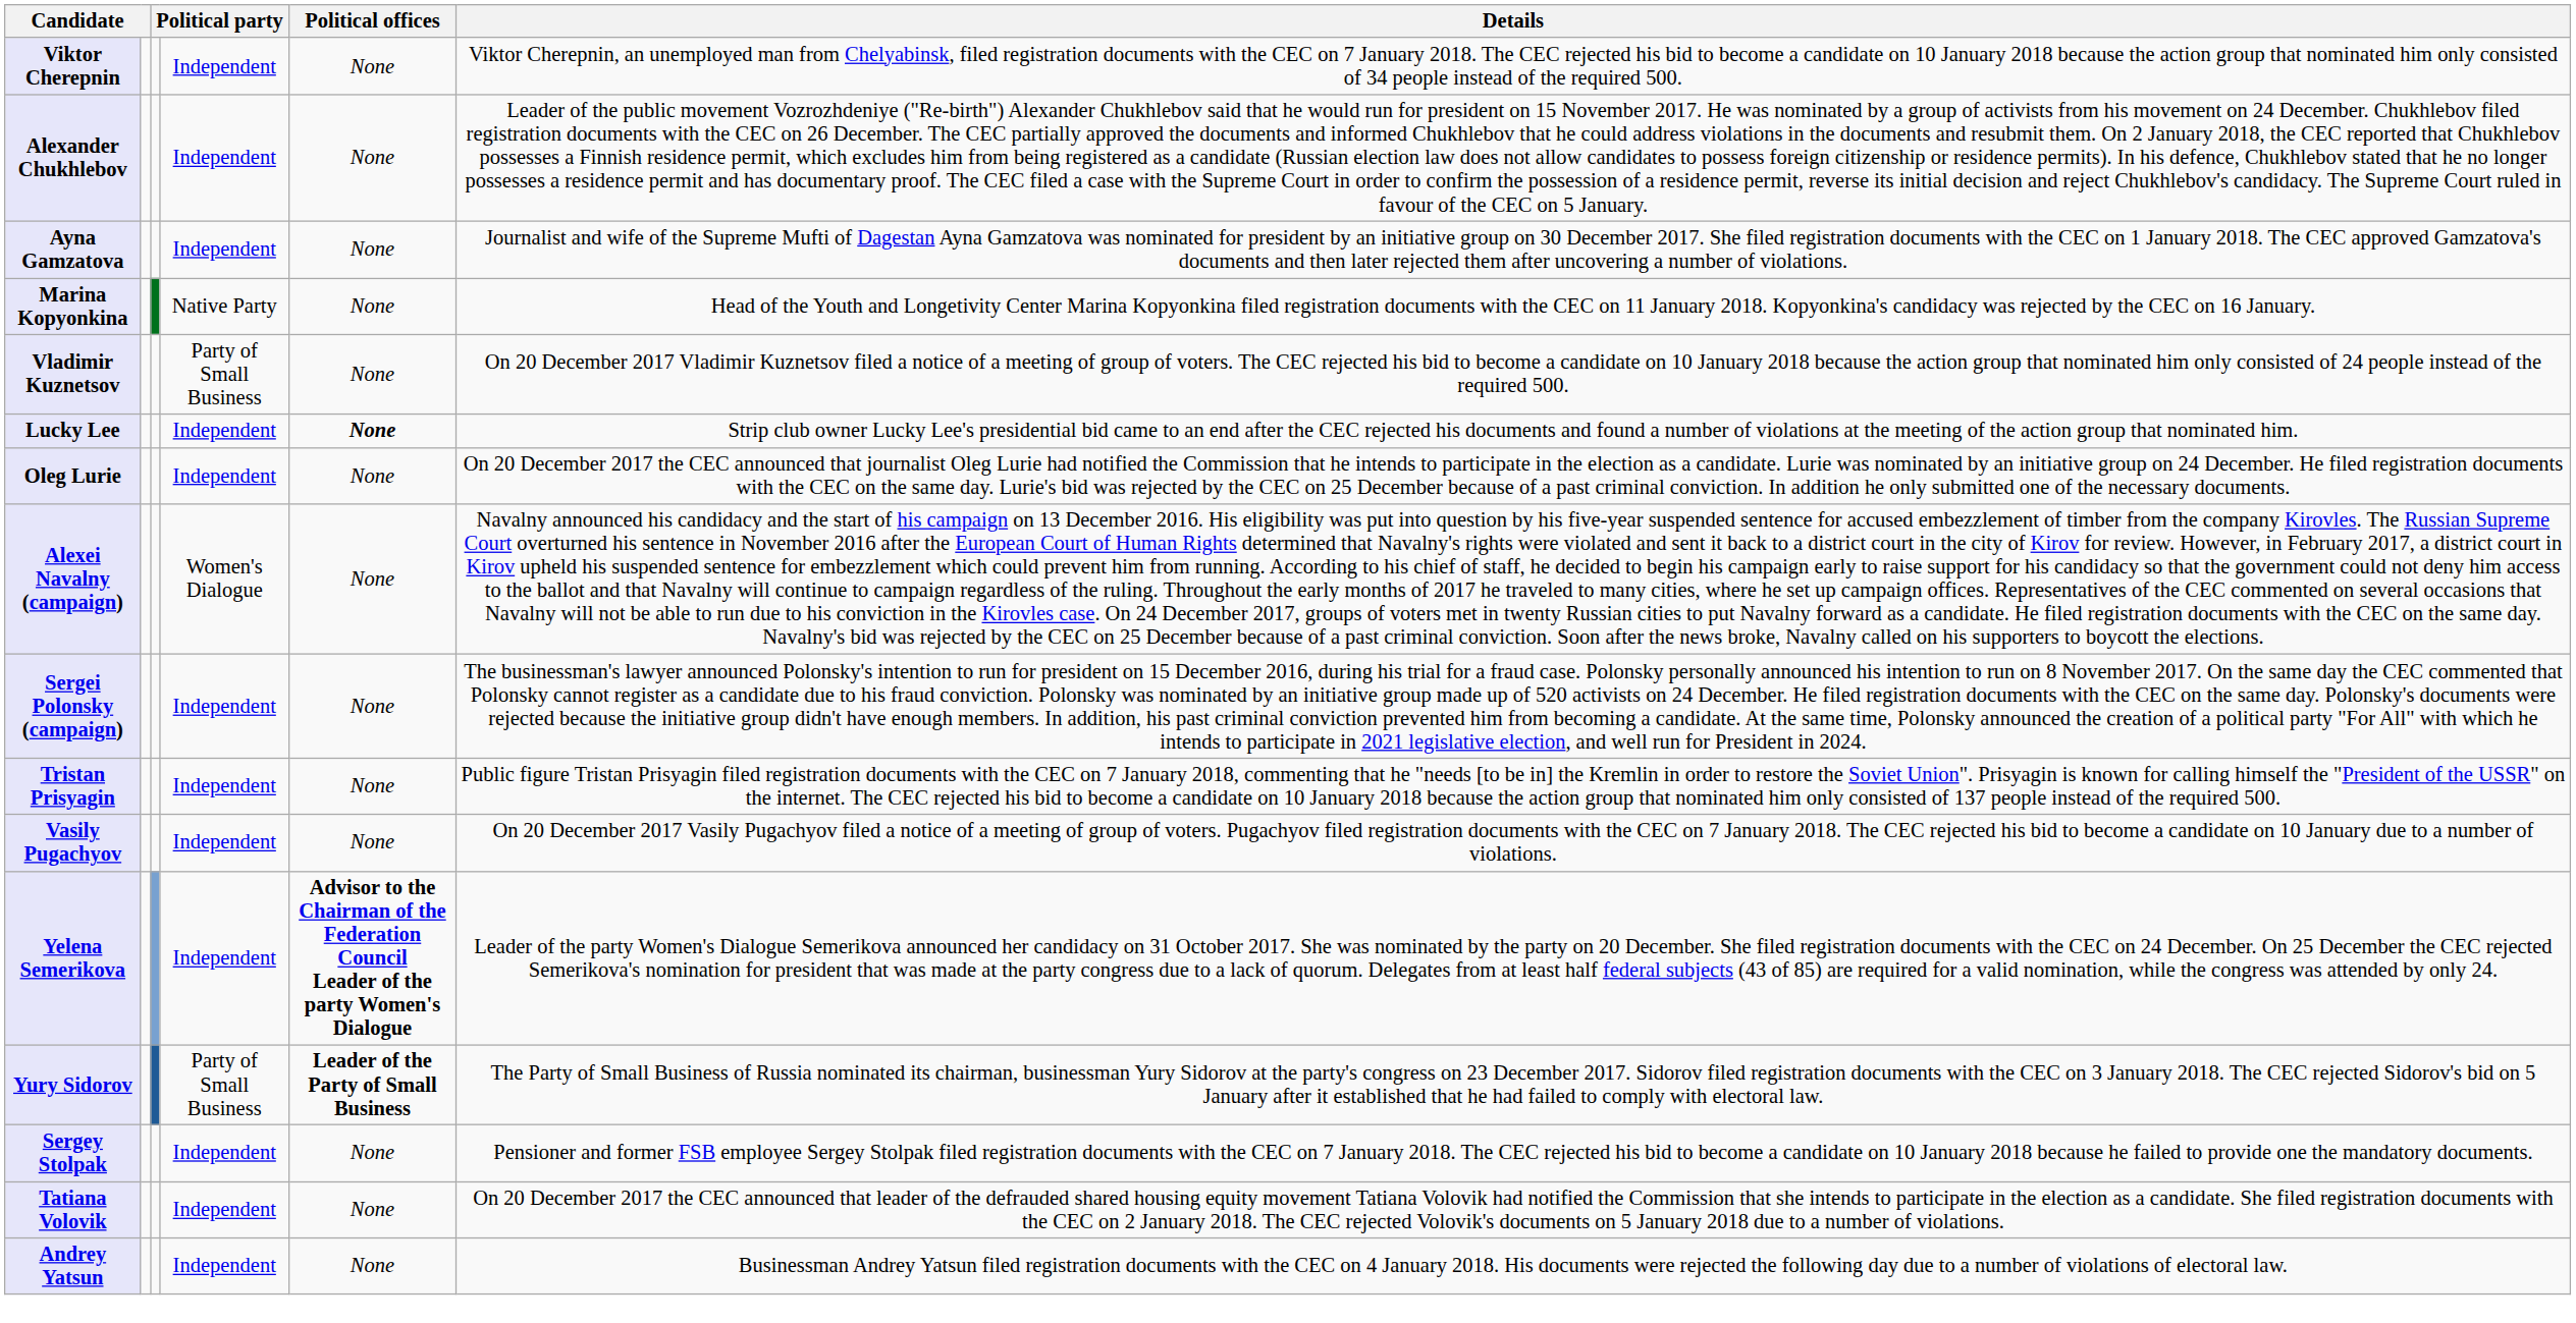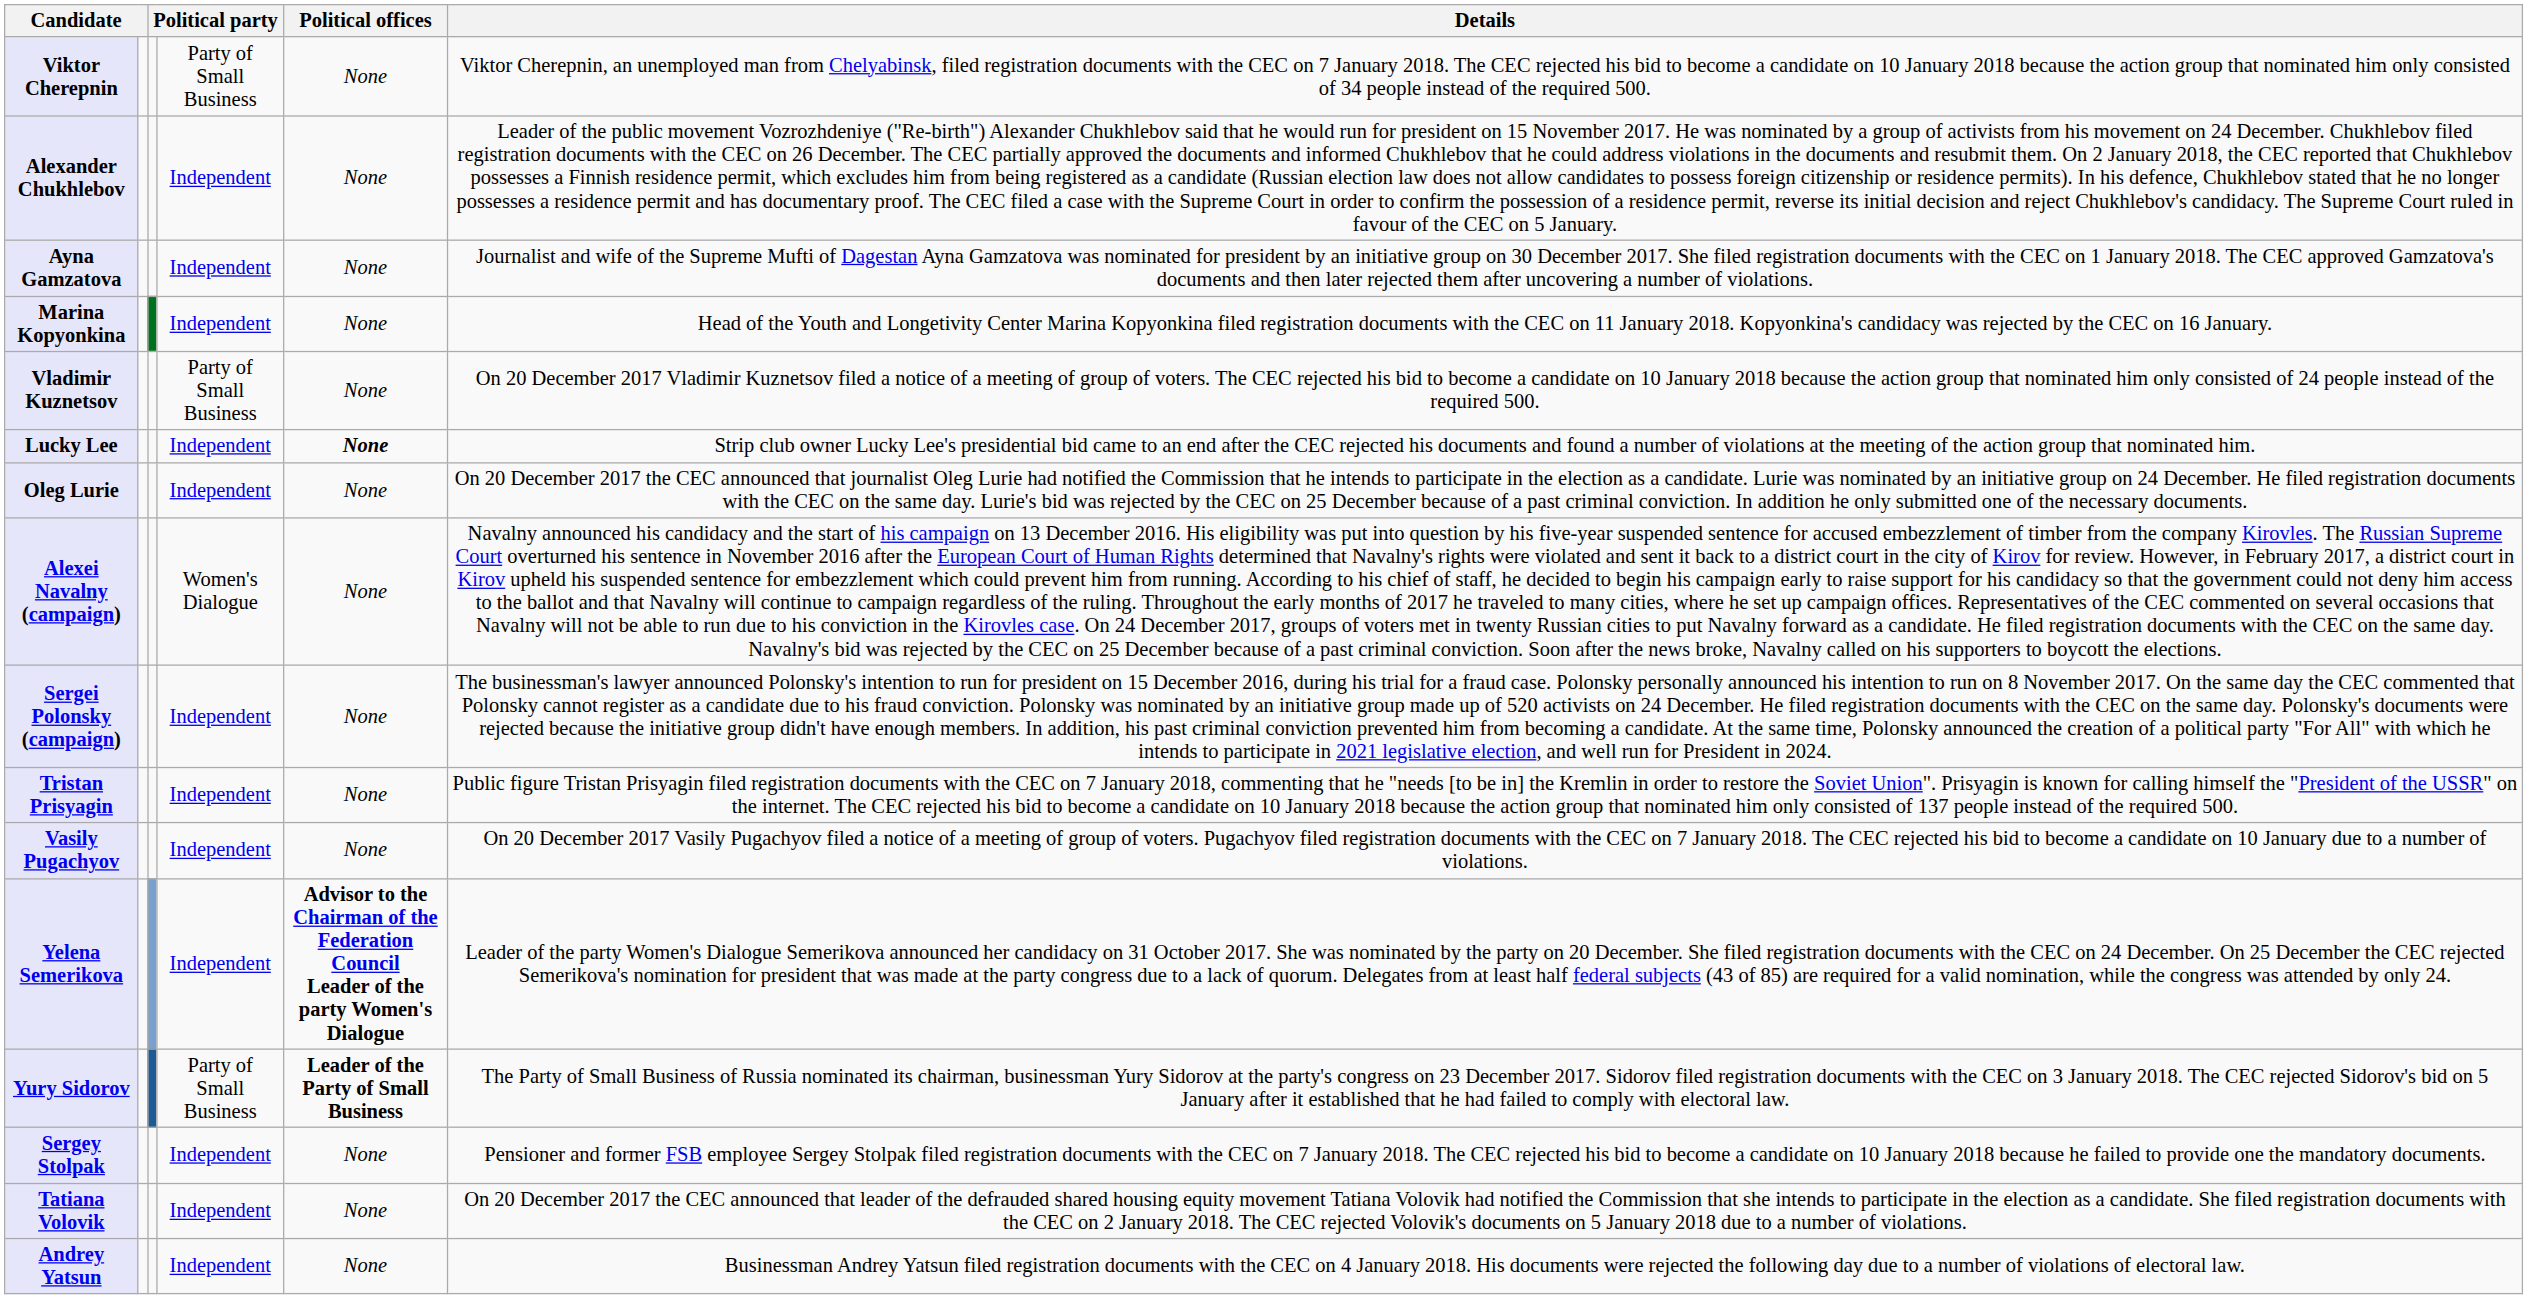 <table class="wikitable sortable" style="text-align:center">
 <tr>
 <th colspan=2>Candidate</th>
 <th colspan=2>Political party</th>
 <th>Political offices</th>
 <th class="unsortable">Details</th>
 </tr>
 <tr>
 <td style="background:lavender;"><strong>Viktor Cherepnin</strong></td>
 <td></td>
 <td style="background-color:"></td>
-<td><a href='#'>Independent</a></td>
+<td>Party of Small Business</td>
 <td><em>None</em></td>
 <td>Viktor Cherepnin, an unemployed man from <a href='#'>Chelyabinsk</a>, filed registration documents with the CEC on 7 January 2018. The CEC rejected his bid to become a candidate on 10 January 2018 because the action group that nominated him only consisted of 34 people instead of the required 500.</td>
 </tr>
 <tr>
 <td style="background:lavender;"><strong>Alexander Chukhlebov</strong></td>
 <td></td>
 <td style="background-color:"></td>
 <td><a href='#'>Independent</a></td>
 <td><em>None</em></td>
 <td>Leader of the public movement Vozrozhdeniye ("Re-birth") Alexander Chukhlebov said that he would run for president on 15 November 2017. He was nominated by a group of activists from his movement on 24 December. Chukhlebov filed registration documents with the CEC on 26 December. The CEC partially approved the documents and informed Chukhlebov that he could address violations in the documents and resubmit them. On 2 January 2018, the CEC reported that Chukhlebov possesses a Finnish residence permit, which excludes him from being registered as a candidate (Russian election law does not allow candidates to possess foreign citizenship or residence permits). In his defence, Chukhlebov stated that he no longer possesses a residence permit and has documentary proof. The CEC filed a case with the Supreme Court in order to confirm the possession of a residence permit, reverse its initial decision and reject Chukhlebov's candidacy. The Supreme Court ruled in favour of the CEC on 5 January.</td>
 </tr>
 <tr>
 <td style="background:lavender;"><strong>Ayna Gamzatova</strong></td>
 <td></td>
 <td style="background-color:"></td>
 <td><a href='#'>Independent</a></td>
 <td><em>None</em></td>
 <td>Journalist and wife of the Supreme Mufti of <a href='#'>Dagestan</a> Ayna Gamzatova was nominated for president by an initiative group on 30 December 2017. She filed registration documents with the CEC on 1 January 2018. The CEC approved Gamzatova's documents and then later rejected them after uncovering a number of violations.</td>
 </tr>
 <tr>
 <td style="background:lavender;"><strong>Marina Kopyonkina</strong></td>
 <td></td>
 <td style="background-color:#00711d;"></td>
-<td>Native Party</td>
+<td><a href='#'>Independent</a></td>
 <td><em>None</em></td>
 <td>Head of the Youth and Longetivity Center Marina Kopyonkina filed registration documents with the CEC on 11 January 2018. Kopyonkina's candidacy was rejected by the CEC on 16 January.</td>
 </tr>
 <tr>
 <td style="background:lavender;"><strong>Vladimir Kuznetsov</strong></td>
 <td></td>
 <td style="background-color:"></td>
 <td>Party of Small Business</td>
 <td><em>None</em></td>
 <td>On 20 December 2017 Vladimir Kuznetsov filed a notice of a meeting of group of voters. The CEC rejected his bid to become a candidate on 10 January 2018 because the action group that nominated him only consisted of 24 people instead of the required 500.</td>
 </tr>
 <tr>
 <td style="background:lavender;"><strong>Lucky Lee</strong></td>
 <td></td>
 <td style="background-color:"></td>
 <td><a href='#'>Independent</a></td>
 <td><strong><em>None</em></strong></td>
 <td>Strip club owner Lucky Lee's presidential bid came to an end after the CEC rejected his documents and found a number of violations at the meeting of the action group that nominated him.</td>
 </tr>
 <tr>
 <td style="background:lavender;"><strong>Oleg Lurie</strong></td>
 <td></td>
 <td style="background-color:"></td>
 <td><a href='#'>Independent</a></td>
 <td><em>None</em></td>
 <td>On 20 December 2017 the CEC announced that journalist Oleg Lurie had notified the Commission that he intends to participate in the election as a candidate. Lurie was nominated by an initiative group on 24 December. He filed registration documents with the CEC on the same day. Lurie's bid was rejected by the CEC on 25 December because of a past criminal conviction. In addition he only submitted one of the necessary documents.</td>
 </tr>
 <tr>
 <td style="background:lavender;"><strong><a href='#'>Alexei Navalny</a></strong><br><strong>(<a href='#'>campaign</a>)</strong></td>
 <td></td>
 <td style="background-color:"></td>
 <td>Women's Dialogue</td>
 <td><em>None</em></td>
 <td>Navalny announced his candidacy and the start of <a href='#'>his campaign</a> on 13 December 2016. His eligibility was put into question by his five-year suspended sentence for accused embezzlement of timber from the company <a href='#'>Kirovles</a>. The <a href='#'>Russian Supreme Court</a> overturned his sentence in November 2016 after the <a href='#'>European Court of Human Rights</a> determined that Navalny's rights were violated and sent it back to a district court in the city of <a href='#'>Kirov</a> for review. However, in February 2017, a district court in <a href='#'>Kirov</a> upheld his suspended sentence for embezzlement which could prevent him from running. According to his chief of staff, he decided to begin his campaign early to raise support for his candidacy so that the government could not deny him access to the ballot and that Navalny will continue to campaign regardless of the ruling. Throughout the early months of 2017 he traveled to many cities, where he set up campaign offices. Representatives of the CEC commented on several occasions that Navalny will not be able to run due to his conviction in the <a href='#'>Kirovles case</a>. On 24 December 2017, groups of voters met in twenty Russian cities to put Navalny forward as a candidate. He filed registration documents with the CEC on the same day. Navalny's bid was rejected by the CEC on 25 December because of a past criminal conviction. Soon after the news broke, Navalny called on his supporters to boycott the elections.</td>
 </tr>
 <tr>
 <td style="background:lavender;"><strong><a href='#'>Sergei Polonsky</a></strong><br><strong>(<a href='#'>campaign</a>)</strong></td>
 <td></td>
 <td style="background-color:"></td>
 <td><a href='#'>Independent</a></td>
 <td><em>None</em></td>
 <td>The businessman's lawyer announced Polonsky's intention to run for president on 15 December 2016, during his trial for a fraud case. Polonsky personally announced his intention to run on 8 November 2017. On the same day the CEC commented that Polonsky cannot register as a candidate due to his fraud conviction. Polonsky was nominated by an initiative group made up of 520 activists on 24 December. He filed registration documents with the CEC on the same day. Polonsky's documents were rejected because the initiative group didn't have enough members. In addition, his past criminal conviction prevented him from becoming a candidate. At the same time, Polonsky announced the creation of a political party "For All" with which he intends to participate in <a href='#'>2021 legislative election</a>, and well run for President in 2024.</td>
 </tr>
 <tr>
 <td style="background:lavender;"><strong><a href='#'>Tristan Prisyagin</a></strong></td>
 <td></td>
 <td style="background-color:"></td>
 <td><a href='#'>Independent</a></td>
 <td><em>None</em></td>
 <td>Public figure Tristan Prisyagin filed registration documents with the CEC on 7 January 2018, commenting that he "needs [to be in] the Kremlin in order to restore the <a href='#'>Soviet Union</a>". Prisyagin is known for calling himself the "<a href='#'>President of the USSR</a>" on the internet. The CEC rejected his bid to become a candidate on 10 January 2018 because the action group that nominated him only consisted of 137 people instead of the required 500.</td>
 </tr>
 <tr>
 <td style="background:lavender;"><strong><a href='#'>Vasily Pugachyov</a></strong></td>
 <td></td>
 <td style="background-color:"></td>
 <td><a href='#'>Independent</a></td>
 <td><em>None</em></td>
 <td>On 20 December 2017 Vasily Pugachyov filed a notice of a meeting of group of voters. Pugachyov filed registration documents with the CEC on 7 January 2018. The CEC rejected his bid to become a candidate on 10 January due to a number of violations.</td>
 </tr>
 <tr>
 <td style="background:lavender;"><strong><a href='#'>Yelena Semerikova</a></strong></td>
 <td></td>
 <td style="background-color:#78a1d0;"></td>
 <td><a href='#'>Independent</a></td>
 <td><strong>Advisor to the <a href='#'>Chairman of the Federation Council</a><br>Leader of the party Women's Dialogue</strong></td>
 <td>Leader of the party Women's Dialogue Semerikova announced her candidacy on 31 October 2017. She was nominated by the party on 20 December. She filed registration documents with the CEC on 24 December. On 25 December the CEC rejected Semerikova's nomination for  president that was made at the party congress due to a lack of quorum. Delegates from at least half <a href='#'>federal subjects</a> (43 of 85) are required for a valid nomination, while the congress was attended by only 24.</td>
 </tr>
 <tr>
 <td style="background:lavender;"><strong><a href='#'>Yury Sidorov</a></strong></td>
 <td></td>
 <td style="background-color:#1e5a96;"></td>
 <td>Party of Small Business</td>
 <td><strong>Leader of the Party of Small Business</strong></td>
 <td>The Party of Small Business of Russia nominated its chairman, businessman Yury Sidorov at the party's congress on 23 December 2017. Sidorov filed registration documents with the CEC on 3 January 2018. The CEC rejected Sidorov's bid on 5 January after it established that he had failed to comply with electoral law.</td>
 </tr>
 <tr>
 <td style="background:lavender;"><strong><a href='#'>Sergey Stolpak</a></strong></td>
 <td></td>
 <td style="background-color:"></td>
 <td><a href='#'>Independent</a></td>
 <td><em>None</em></td>
 <td>Pensioner and former <a href='#'>FSB</a> employee Sergey Stolpak filed registration documents with the CEC on 7 January 2018. The CEC rejected his bid to become a candidate on 10 January 2018 because he failed to provide one the mandatory documents.</td>
 </tr>
 <tr>
 <td style="background:lavender;"><strong><a href='#'>Tatiana Volovik</a></strong></td>
 <td></td>
 <td style="background-color:"></td>
 <td><a href='#'>Independent</a></td>
 <td><em>None</em></td>
 <td>On 20 December 2017 the CEC announced that leader of the defrauded shared housing equity movement Tatiana Volovik had notified the Commission that she intends to participate in the election as a candidate. She filed registration documents with the CEC on 2 January 2018. The CEC rejected Volovik's documents on 5 January 2018 due to a number of violations.</td>
 </tr>
 <tr>
 <td style="background:lavender;"><strong><a href='#'>Andrey Yatsun</a></strong></td>
 <td></td>
 <td style="background-color:"></td>
 <td><a href='#'>Independent</a></td>
 <td><em>None</em></td>
 <td>Businessman Andrey Yatsun filed registration documents with the CEC on 4 January 2018. His documents were rejected the following day due to a number of violations of electoral law.</td>
 </tr>
 </table>
